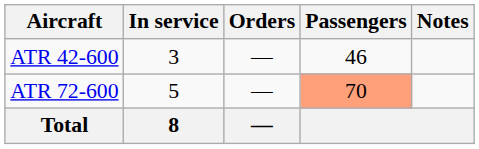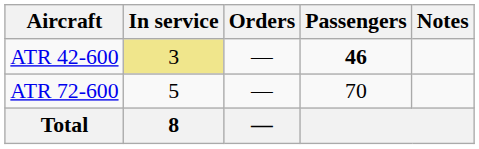 <table class="wikitable" style="text-align:center;margin:auto;">
 <tr>
 <th>Aircraft</th>
 <th>In service</th>
 <th>Orders</th>
 <th>Passengers</th>
 <th>Notes</th>
 </tr>
 <tr>
 <td><a href='#'>ATR 42-600</a></td>
-<td>3</td>
+<td style="background: khaki;">3</td>
 <td>—</td>
-<td>46</td>
+<td><strong>46</strong></td>
 <td></td>
 </tr>
 <tr>
 <td><a href='#'>ATR 72-600</a></td>
 <td>5</td>
 <td>—</td>
-<td style="background: lightsalmon;">70</td>
+<td>70</td>
 <td></td>
 </tr>
 <tr>
 <th>Total</th>
 <th>8</th>
 <th>—</th>
 <th colspan="3"></th>
 </tr>
 </table>
